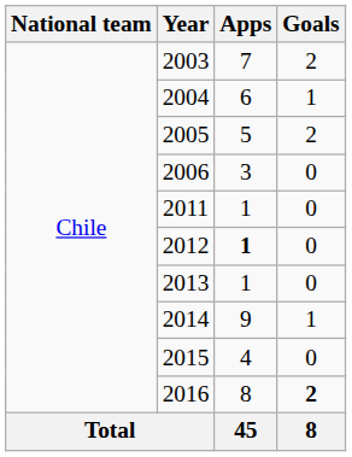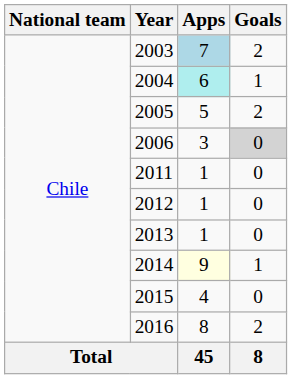 <table class="wikitable" style="text-align:center">
 <tr>
 <th>National team</th>
 <th>Year</th>
 <th>Apps</th>
 <th>Goals</th>
 </tr>
 <tr>
 <td rowspan="10"><a href='#'>Chile</a></td>
 <td>2003</td>
-<td>7</td>
+<td style="background: lightblue;">7</td>
 <td>2</td>
 </tr>
 <tr>
 <td>2004</td>
-<td>6</td>
+<td style="background: paleturquoise;">6</td>
 <td>1</td>
 </tr>
 <tr>
 <td>2005</td>
 <td>5</td>
 <td>2</td>
 </tr>
 <tr>
 <td>2006</td>
 <td>3</td>
-<td>0</td>
+<td style="background: lightgrey;">0</td>
 </tr>
 <tr>
 <td>2011</td>
 <td>1</td>
 <td>0</td>
 </tr>
 <tr>
 <td>2012</td>
-<td><strong>1</strong></td>
+<td>1</td>
 <td>0</td>
 </tr>
 <tr>
 <td>2013</td>
 <td>1</td>
 <td>0</td>
 </tr>
 <tr>
 <td>2014</td>
-<td>9</td>
+<td style="background: lightyellow;">9</td>
 <td>1</td>
 </tr>
 <tr>
 <td>2015</td>
 <td>4</td>
 <td>0</td>
 </tr>
 <tr>
 <td>2016</td>
 <td>8</td>
-<td><strong>2</strong></td>
+<td>2</td>
 </tr>
 <tr>
 <th colspan="2">Total</th>
 <th>45</th>
 <th>8</th>
 </tr>
 </table>
